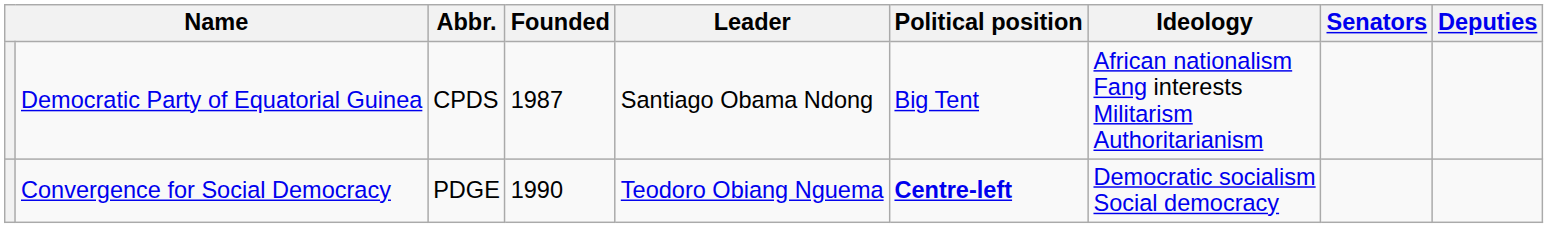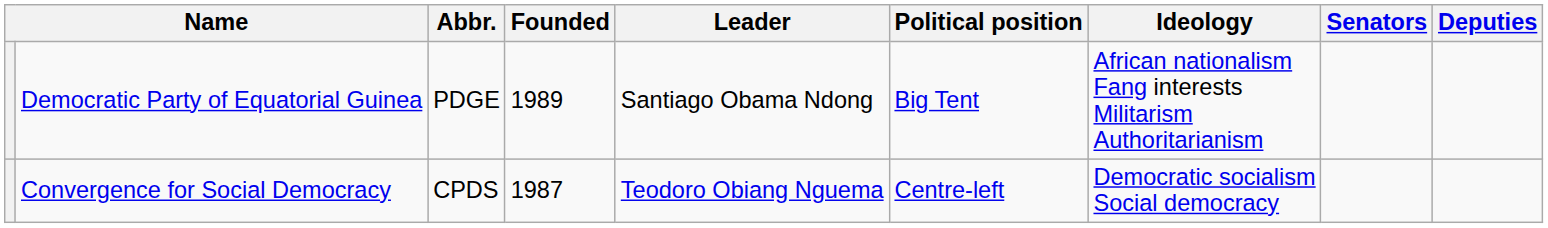 <table class="wikitable">
 <tr>
 <th colspan=2>Name</th>
 <th>Abbr.</th>
 <th>Founded</th>
 <th>Leader</th>
 <th>Political position</th>
 <th>Ideology</th>
 <th><a href='#'>Senators</a></th>
 <th><a href='#'>Deputies</a></th>
 </tr>
 <tr>
 <th style="background-color: "></th>
 <td><a href='#'>Democratic Party of Equatorial Guinea</a><br><small><em></em></small></td>
-<td>CPDS</td>
-<td>1987</td>
+<td>PDGE</td>
+<td>1989</td>
 <td>Santiago Obama Ndong</td>
 <td><a href='#'>Big Tent</a></td>
 <td><a href='#'>African nationalism</a><br><a href='#'>Fang</a> interests<br><a href='#'>Militarism</a><br><a href='#'>Authoritarianism</a></td>
 <td></td>
 <td></td>
 </tr>
 <tr>
 <th style="background-color: "></th>
 <td><a href='#'>Convergence for Social Democracy</a><br><small><em></em></small></td>
-<td>PDGE</td>
-<td>1990</td>
+<td>CPDS</td>
+<td>1987</td>
 <td><a href='#'>Teodoro Obiang Nguema</a></td>
-<td><strong><a href='#'>Centre-left</a></strong></td>
+<td><a href='#'>Centre-left</a></td>
 <td><a href='#'>Democratic socialism</a><br><a href='#'>Social democracy</a></td>
 <td></td>
 <td></td>
 </tr>
 </table>
